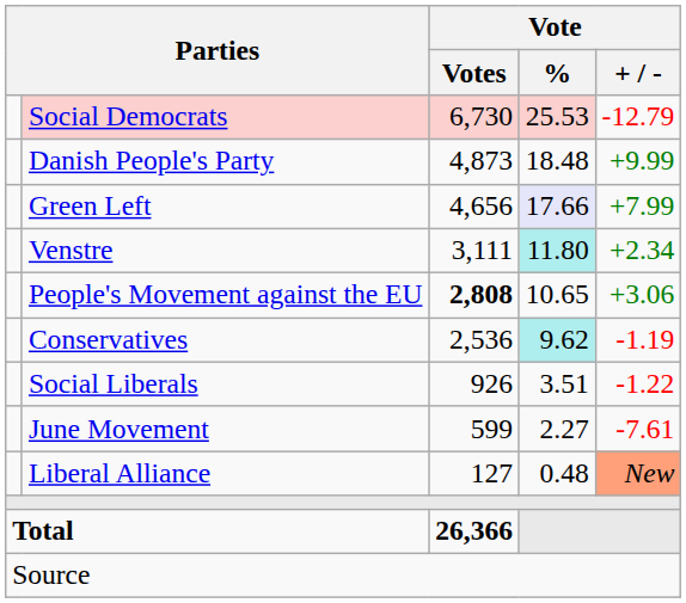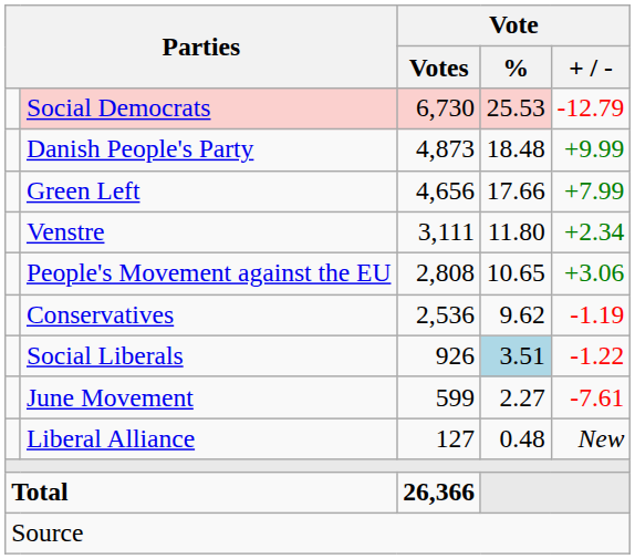 <table class="wikitable" style="text-align:right;">
 <tr>
 <th style="text-align:centre;" rowspan="2" colspan="2" width="225">Parties</th>
 <th colspan="3">Vote</th>
 </tr>
 <tr>
 <th width="15">Votes</th>
 <th width="15">%</th>
 <th width="15">+ / -</th>
 </tr>
 <tr>
 <td width="2" style="color:inherit;background:"></td>
 <td bgcolor=#fbd0ce   align="left"><a href='#'>Social Democrats</a></td>
 <td bgcolor=#fbd0ce>6,730</td>
 <td bgcolor=#fbd0ce>25.53</td>
 <td style=color:red;>-12.79</td>
 </tr>
 <tr>
 <td width="2" style="color:inherit;background:"></td>
 <td align="left"><a href='#'>Danish People's Party</a></td>
 <td>4,873</td>
 <td>18.48</td>
 <td style=color:green;>+9.99</td>
 </tr>
 <tr>
 <td width="2" style="color:inherit;background:"></td>
 <td align="left"><a href='#'>Green Left</a></td>
 <td>4,656</td>
-<td style="background: lavender;">17.66</td>
+<td>17.66</td>
 <td style=color:green;>+7.99</td>
 </tr>
 <tr>
 <td width="2" style="color:inherit;background:"></td>
 <td align="left"><a href='#'>Venstre</a></td>
 <td>3,111</td>
-<td style="background: paleturquoise;">11.80</td>
+<td>11.80</td>
 <td style=color:green;>+2.34</td>
 </tr>
 <tr>
 <td width="2" style="color:inherit;background:"></td>
 <td align="left"><a href='#'>People's Movement against the EU</a></td>
-<td><strong>2,808</strong></td>
+<td>2,808</td>
 <td>10.65</td>
 <td style=color:green;>+3.06</td>
 </tr>
 <tr>
 <td width="2" style="color:inherit;background:"></td>
 <td align="left"><a href='#'>Conservatives</a></td>
 <td>2,536</td>
-<td style="background: paleturquoise;">9.62</td>
+<td>9.62</td>
 <td style=color:red;>-1.19</td>
 </tr>
 <tr>
 <td width="2" style="color:inherit;background:"></td>
 <td align="left"><a href='#'>Social Liberals</a></td>
 <td>926</td>
-<td>3.51</td>
+<td style="background: lightblue;">3.51</td>
 <td style=color:red;>-1.22</td>
 </tr>
 <tr>
 <td width="2" style="color:inherit;background:"></td>
 <td align="left"><a href='#'>June Movement</a></td>
 <td>599</td>
 <td>2.27</td>
 <td style=color:red;>-7.61</td>
 </tr>
 <tr>
 <td width="2" style="color:inherit;background:"></td>
 <td align="left"><a href='#'>Liberal Alliance</a></td>
 <td>127</td>
 <td>0.48</td>
-<td style="background: lightsalmon;"><em>New</em></td>
+<td><em>New</em></td>
 </tr>
 <tr>
 <td colspan="7" bgcolor="#E9E9E9"></td>
 </tr>
 <tr>
 <td align="left" colspan="2"><strong>Total</strong></td>
 <td><strong>26,366</strong></td>
 <td bgcolor="#E9E9E9" colspan="2"></td>
 </tr>
 <tr>
 <td align="left" colspan="6">Source</td>
 </tr>
 </table>
